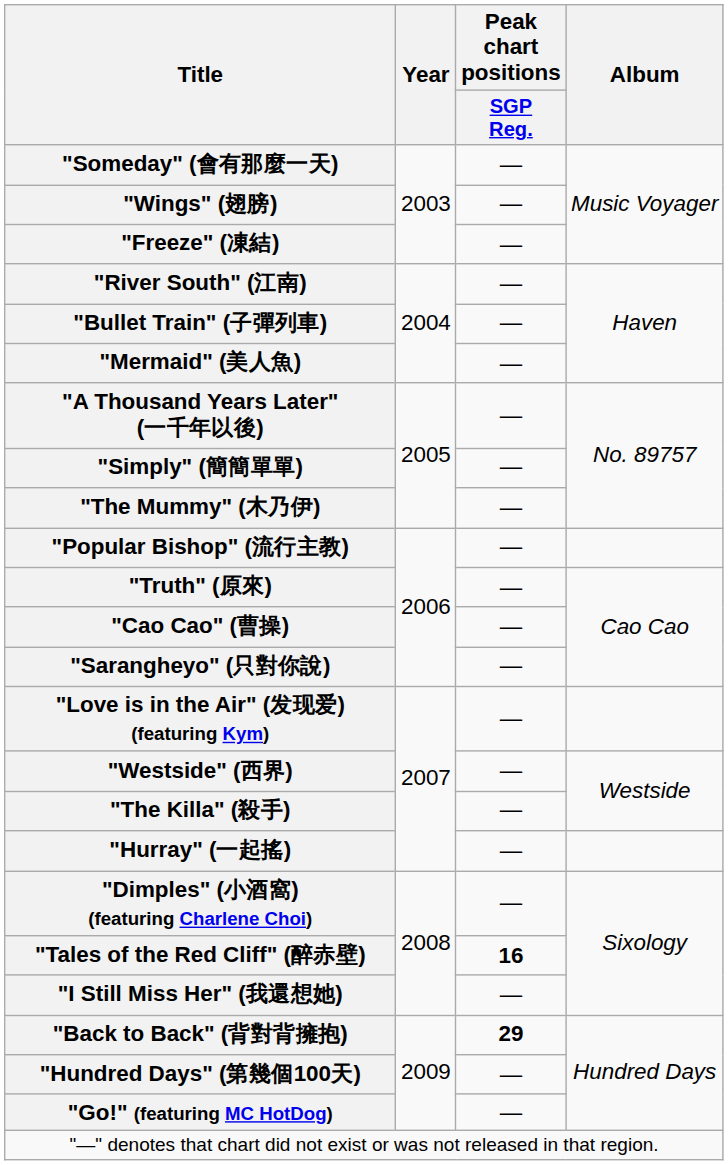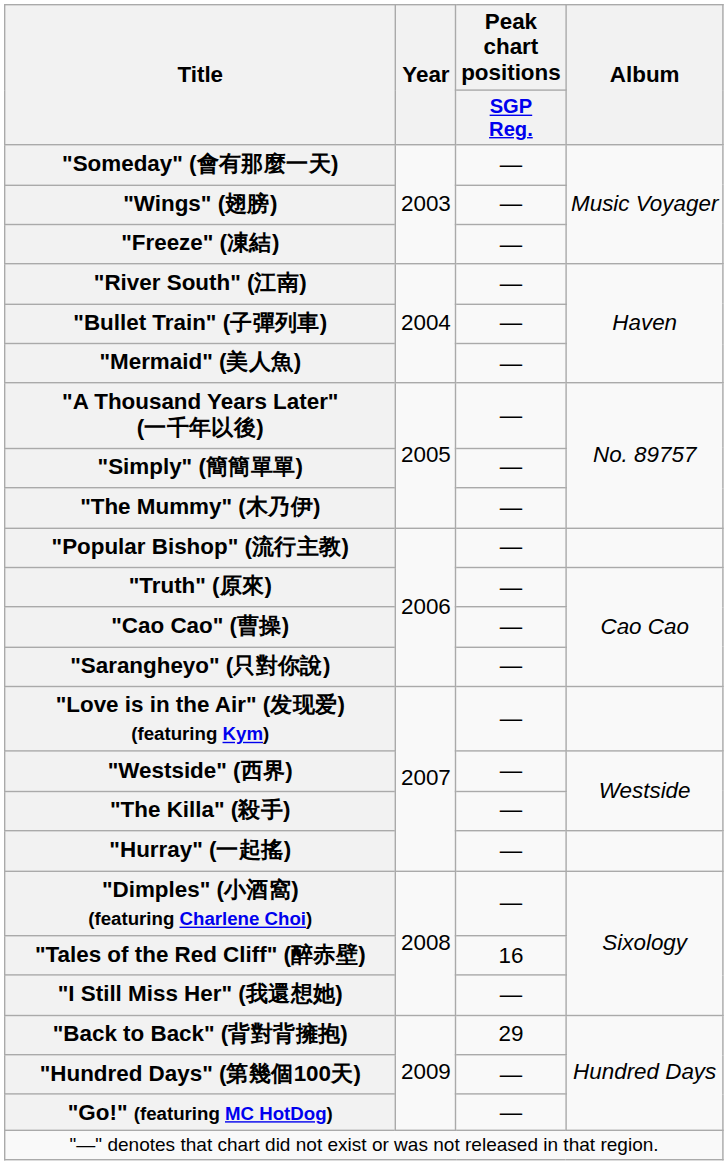 <table class="wikitable plainrowheaders" style="text-align:center;">
 <tr>
 <th rowspan="2" scope="col" style="width:17em;">Title</th>
 <th rowspan="2">Year</th>
 <th>Peak chart positions</th>
 <th rowspan="2">Album</th>
 </tr>
 <tr>
 <th scope="col" style="width:3em;font-size:90%;"><a href='#'>SGP<br>Reg.</a><br></th>
 </tr>
 <tr>
 <th scope="row">"Someday" (會有那麼一天)</th>
 <td rowspan="3">2003</td>
 <td>—</td>
 <td rowspan="3"><em>Music Voyager</em></td>
 </tr>
 <tr>
 <th scope="row">"Wings" (翅膀)</th>
 <td>—</td>
 </tr>
 <tr>
 <th scope="row">"Freeze" (凍結)</th>
 <td>—</td>
 </tr>
 <tr>
 <th scope="row">"River South" (江南)</th>
 <td rowspan="3">2004</td>
 <td>—</td>
 <td rowspan="3"><em>Haven</em></td>
 </tr>
 <tr>
 <th scope="row">"Bullet Train" (子彈列車)</th>
 <td>—</td>
 </tr>
 <tr>
 <th scope="row">"Mermaid" (美人魚)</th>
 <td>—</td>
 </tr>
 <tr>
 <th scope="row">"A Thousand Years Later"<br>(一千年以後)</th>
 <td rowspan="3">2005</td>
 <td>—</td>
 <td rowspan="3"><em>No. 89757</em></td>
 </tr>
 <tr>
 <th scope="row">"Simply" (簡簡單單)</th>
 <td>—</td>
 </tr>
 <tr>
 <th scope="row">"The Mummy" (木乃伊)</th>
 <td>—</td>
 </tr>
 <tr>
 <th scope="row">"Popular Bishop" (流行主教)</th>
 <td rowspan="4">2006</td>
 <td>—</td>
 <td></td>
 </tr>
 <tr>
 <th scope="row">"Truth" (原來)</th>
 <td>—</td>
 <td rowspan="3"><em>Cao Cao</em></td>
 </tr>
 <tr>
 <th scope="row">"Cao Cao" (曹操)</th>
 <td>—</td>
 </tr>
 <tr>
 <th scope="row">"Sarangheyo" (只對你說)</th>
 <td>—</td>
 </tr>
 <tr>
 <th scope="row">"Love is in the Air" (发现爱)<br><small>(featuring <a href='#'>Kym</a>)</small></th>
 <td rowspan="4">2007</td>
 <td>—</td>
 <td></td>
 </tr>
 <tr>
 <th scope="row">"Westside" (西界)</th>
 <td>—</td>
 <td rowspan="2"><em>Westside</em></td>
 </tr>
 <tr>
 <th scope="row">"The Killa" (殺手)</th>
 <td>—</td>
 </tr>
 <tr>
 <th scope="row">"Hurray" (一起搖)</th>
 <td>—</td>
 <td></td>
 </tr>
 <tr>
 <th scope="row">"Dimples" (小酒窩)<br><small>(featuring <a href='#'>Charlene Choi</a>)</small></th>
 <td rowspan="3">2008</td>
 <td>—</td>
 <td rowspan="3"><em>Sixology</em></td>
 </tr>
 <tr>
 <th scope="row">"Tales of the Red Cliff" (醉赤壁)</th>
-<td><strong>16</strong></td>
+<td>16</td>
 </tr>
 <tr>
 <th scope="row">"I Still Miss Her" (我還想她)</th>
 <td>—</td>
 </tr>
 <tr>
 <th scope="row">"Back to Back" (背對背擁抱)</th>
 <td rowspan="3">2009</td>
-<td><strong>29</strong></td>
+<td>29</td>
 <td rowspan="3"><em>Hundred Days</em></td>
 </tr>
 <tr>
 <th scope="row">"Hundred Days" (第幾個100天)</th>
 <td>—</td>
 </tr>
 <tr>
 <th scope="row">"Go!" <small>(featuring <a href='#'>MC HotDog</a>)</small></th>
 <td>—</td>
 </tr>
 <tr>
 <td colspan="5" style="font-size:85%">"—" denotes that chart did not exist or was not released in that region.</td>
 </tr>
 </table>
